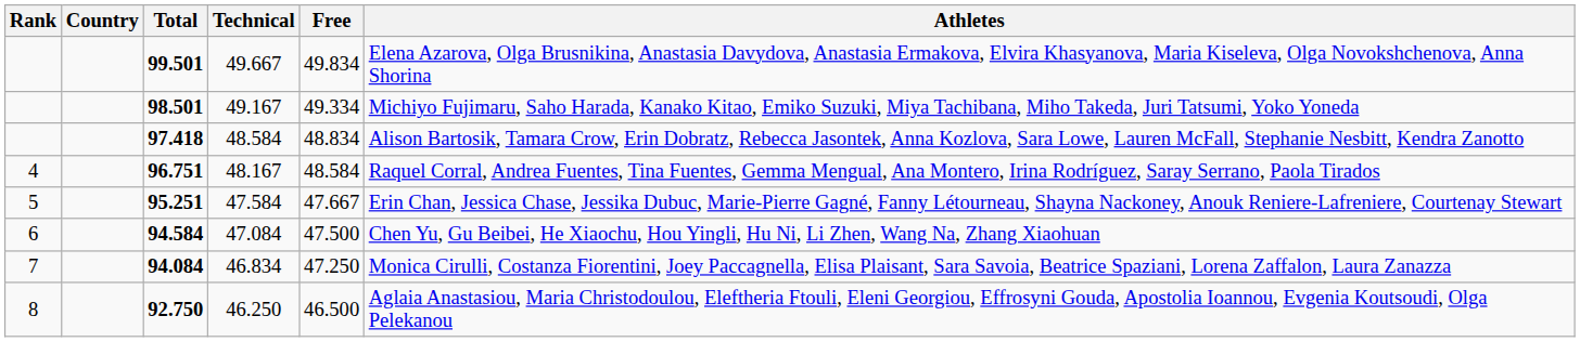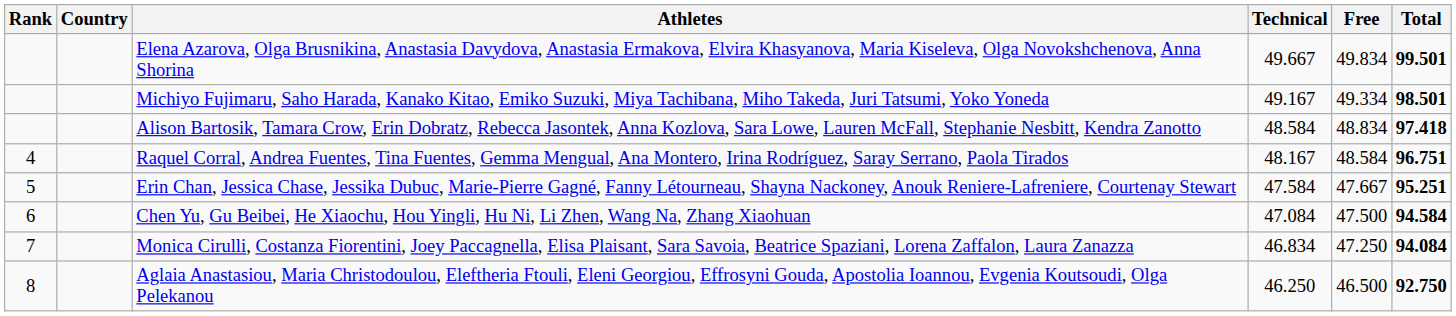 <table class="wikitable sortable" style="text-align:center">
 <tr>
 <th>Rank</th>
 <th>Country</th>
-<th>Total</th>
+<th>Athletes</th>
 <th>Technical</th>
 <th>Free</th>
-<th>Athletes</th>
+<th>Total</th>
 </tr>
 <tr>
 <td></td>
 <td align=left></td>
-<td><strong>99.501</strong></td>
+<td align=left><a href='#'>Elena Azarova</a>, <a href='#'>Olga Brusnikina</a>, <a href='#'>Anastasia Davydova</a>, <a href='#'>Anastasia Ermakova</a>, <a href='#'>Elvira Khasyanova</a>, <a href='#'>Maria Kiseleva</a>, <a href='#'>Olga Novokshchenova</a>, <a href='#'>Anna Shorina</a></td>
 <td>49.667</td>
 <td>49.834</td>
-<td align=left><a href='#'>Elena Azarova</a>, <a href='#'>Olga Brusnikina</a>, <a href='#'>Anastasia Davydova</a>, <a href='#'>Anastasia Ermakova</a>, <a href='#'>Elvira Khasyanova</a>, <a href='#'>Maria Kiseleva</a>, <a href='#'>Olga Novokshchenova</a>, <a href='#'>Anna Shorina</a></td>
+<td><strong>99.501</strong></td>
 </tr>
 <tr>
 <td></td>
 <td align=left></td>
-<td><strong>98.501</strong></td>
+<td align=left><a href='#'>Michiyo Fujimaru</a>, <a href='#'>Saho Harada</a>, <a href='#'>Kanako Kitao</a>, <a href='#'>Emiko Suzuki</a>, <a href='#'>Miya Tachibana</a>, <a href='#'>Miho Takeda</a>, <a href='#'>Juri Tatsumi</a>, <a href='#'>Yoko Yoneda</a></td>
 <td>49.167</td>
 <td>49.334</td>
-<td align=left><a href='#'>Michiyo Fujimaru</a>, <a href='#'>Saho Harada</a>, <a href='#'>Kanako Kitao</a>, <a href='#'>Emiko Suzuki</a>, <a href='#'>Miya Tachibana</a>, <a href='#'>Miho Takeda</a>, <a href='#'>Juri Tatsumi</a>, <a href='#'>Yoko Yoneda</a></td>
+<td><strong>98.501</strong></td>
 </tr>
 <tr>
 <td></td>
 <td align=left></td>
-<td><strong>97.418</strong></td>
+<td align=left><a href='#'>Alison Bartosik</a>, <a href='#'>Tamara Crow</a>, <a href='#'>Erin Dobratz</a>, <a href='#'>Rebecca Jasontek</a>, <a href='#'>Anna Kozlova</a>, <a href='#'>Sara Lowe</a>, <a href='#'>Lauren McFall</a>, <a href='#'>Stephanie Nesbitt</a>, <a href='#'>Kendra Zanotto</a></td>
 <td>48.584</td>
 <td>48.834</td>
-<td align=left><a href='#'>Alison Bartosik</a>, <a href='#'>Tamara Crow</a>, <a href='#'>Erin Dobratz</a>, <a href='#'>Rebecca Jasontek</a>, <a href='#'>Anna Kozlova</a>, <a href='#'>Sara Lowe</a>, <a href='#'>Lauren McFall</a>, <a href='#'>Stephanie Nesbitt</a>, <a href='#'>Kendra Zanotto</a></td>
+<td><strong>97.418</strong></td>
 </tr>
 <tr>
 <td>4</td>
 <td align=left></td>
-<td><strong>96.751</strong></td>
+<td align=left><a href='#'>Raquel Corral</a>, <a href='#'>Andrea Fuentes</a>, <a href='#'>Tina Fuentes</a>, <a href='#'>Gemma Mengual</a>, <a href='#'>Ana Montero</a>, <a href='#'>Irina Rodríguez</a>, <a href='#'>Saray Serrano</a>, <a href='#'>Paola Tirados</a></td>
 <td>48.167</td>
 <td>48.584</td>
-<td align=left><a href='#'>Raquel Corral</a>, <a href='#'>Andrea Fuentes</a>, <a href='#'>Tina Fuentes</a>, <a href='#'>Gemma Mengual</a>, <a href='#'>Ana Montero</a>, <a href='#'>Irina Rodríguez</a>, <a href='#'>Saray Serrano</a>, <a href='#'>Paola Tirados</a></td>
+<td><strong>96.751</strong></td>
 </tr>
 <tr>
 <td>5</td>
 <td align=left></td>
-<td><strong>95.251</strong></td>
+<td align=left><a href='#'>Erin Chan</a>, <a href='#'>Jessica Chase</a>, <a href='#'>Jessika Dubuc</a>, <a href='#'>Marie-Pierre Gagné</a>, <a href='#'>Fanny Létourneau</a>, <a href='#'>Shayna Nackoney</a>, <a href='#'>Anouk Reniere-Lafreniere</a>, <a href='#'>Courtenay Stewart</a></td>
 <td>47.584</td>
 <td>47.667</td>
-<td align=left><a href='#'>Erin Chan</a>, <a href='#'>Jessica Chase</a>, <a href='#'>Jessika Dubuc</a>, <a href='#'>Marie-Pierre Gagné</a>, <a href='#'>Fanny Létourneau</a>, <a href='#'>Shayna Nackoney</a>, <a href='#'>Anouk Reniere-Lafreniere</a>, <a href='#'>Courtenay Stewart</a></td>
+<td><strong>95.251</strong></td>
 </tr>
 <tr>
 <td>6</td>
 <td align=left></td>
-<td><strong>94.584</strong></td>
+<td align=left><a href='#'>Chen Yu</a>, <a href='#'>Gu Beibei</a>, <a href='#'>He Xiaochu</a>, <a href='#'>Hou Yingli</a>, <a href='#'>Hu Ni</a>, <a href='#'>Li Zhen</a>, <a href='#'>Wang Na</a>, <a href='#'>Zhang Xiaohuan</a></td>
 <td>47.084</td>
 <td>47.500</td>
-<td align=left><a href='#'>Chen Yu</a>, <a href='#'>Gu Beibei</a>, <a href='#'>He Xiaochu</a>, <a href='#'>Hou Yingli</a>, <a href='#'>Hu Ni</a>, <a href='#'>Li Zhen</a>, <a href='#'>Wang Na</a>, <a href='#'>Zhang Xiaohuan</a></td>
+<td><strong>94.584</strong></td>
 </tr>
 <tr>
 <td>7</td>
 <td align=left></td>
-<td><strong>94.084</strong></td>
+<td align=left><a href='#'>Monica Cirulli</a>, <a href='#'>Costanza Fiorentini</a>, <a href='#'>Joey Paccagnella</a>, <a href='#'>Elisa Plaisant</a>, <a href='#'>Sara Savoia</a>, <a href='#'>Beatrice Spaziani</a>, <a href='#'>Lorena Zaffalon</a>, <a href='#'>Laura Zanazza</a></td>
 <td>46.834</td>
 <td>47.250</td>
-<td align=left><a href='#'>Monica Cirulli</a>, <a href='#'>Costanza Fiorentini</a>, <a href='#'>Joey Paccagnella</a>, <a href='#'>Elisa Plaisant</a>, <a href='#'>Sara Savoia</a>, <a href='#'>Beatrice Spaziani</a>, <a href='#'>Lorena Zaffalon</a>, <a href='#'>Laura Zanazza</a></td>
+<td><strong>94.084</strong></td>
 </tr>
 <tr>
 <td>8</td>
 <td align=left></td>
-<td><strong>92.750</strong></td>
+<td align=left><a href='#'>Aglaia Anastasiou</a>, <a href='#'>Maria Christodoulou</a>, <a href='#'>Eleftheria Ftouli</a>, <a href='#'>Eleni Georgiou</a>, <a href='#'>Effrosyni Gouda</a>, <a href='#'>Apostolia Ioannou</a>, <a href='#'>Evgenia Koutsoudi</a>, <a href='#'>Olga Pelekanou</a></td>
 <td>46.250</td>
 <td>46.500</td>
-<td align=left><a href='#'>Aglaia Anastasiou</a>, <a href='#'>Maria Christodoulou</a>, <a href='#'>Eleftheria Ftouli</a>, <a href='#'>Eleni Georgiou</a>, <a href='#'>Effrosyni Gouda</a>, <a href='#'>Apostolia Ioannou</a>, <a href='#'>Evgenia Koutsoudi</a>, <a href='#'>Olga Pelekanou</a></td>
+<td><strong>92.750</strong></td>
 </tr>
 </table>
